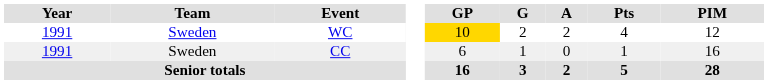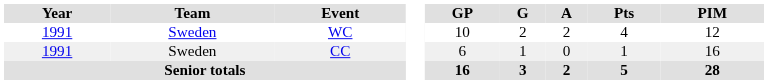 <table border="0" cellpadding="1" cellspacing="0" style="text-align:center; width:50em">
 <tr ALIGN="center" bgcolor="#e0e0e0">
 <th>Year</th>
 <th>Team</th>
 <th>Event</th>
 <th rowspan="99" bgcolor="#ffffff"> </th>
 <th>GP</th>
 <th>G</th>
 <th>A</th>
 <th>Pts</th>
 <th>PIM</th>
 </tr>
 <tr>
 <td><a href='#'>1991</a></td>
 <td><a href='#'>Sweden</a></td>
 <td><a href='#'>WC</a></td>
-<td style="background: gold;">10</td>
+<td>10</td>
 <td>2</td>
 <td>2</td>
 <td>4</td>
 <td>12</td>
 </tr>
 <tr bgcolor="#f0f0f0">
 <td><a href='#'>1991</a></td>
 <td>Sweden</td>
 <td><a href='#'>CC</a></td>
 <td>6</td>
 <td>1</td>
 <td>0</td>
 <td>1</td>
 <td>16</td>
 </tr>
 <tr bgcolor="#e0e0e0">
 <th colspan=3>Senior totals</th>
 <th>16</th>
 <th>3</th>
 <th>2</th>
 <th>5</th>
 <th>28</th>
 </tr>
 </table>
